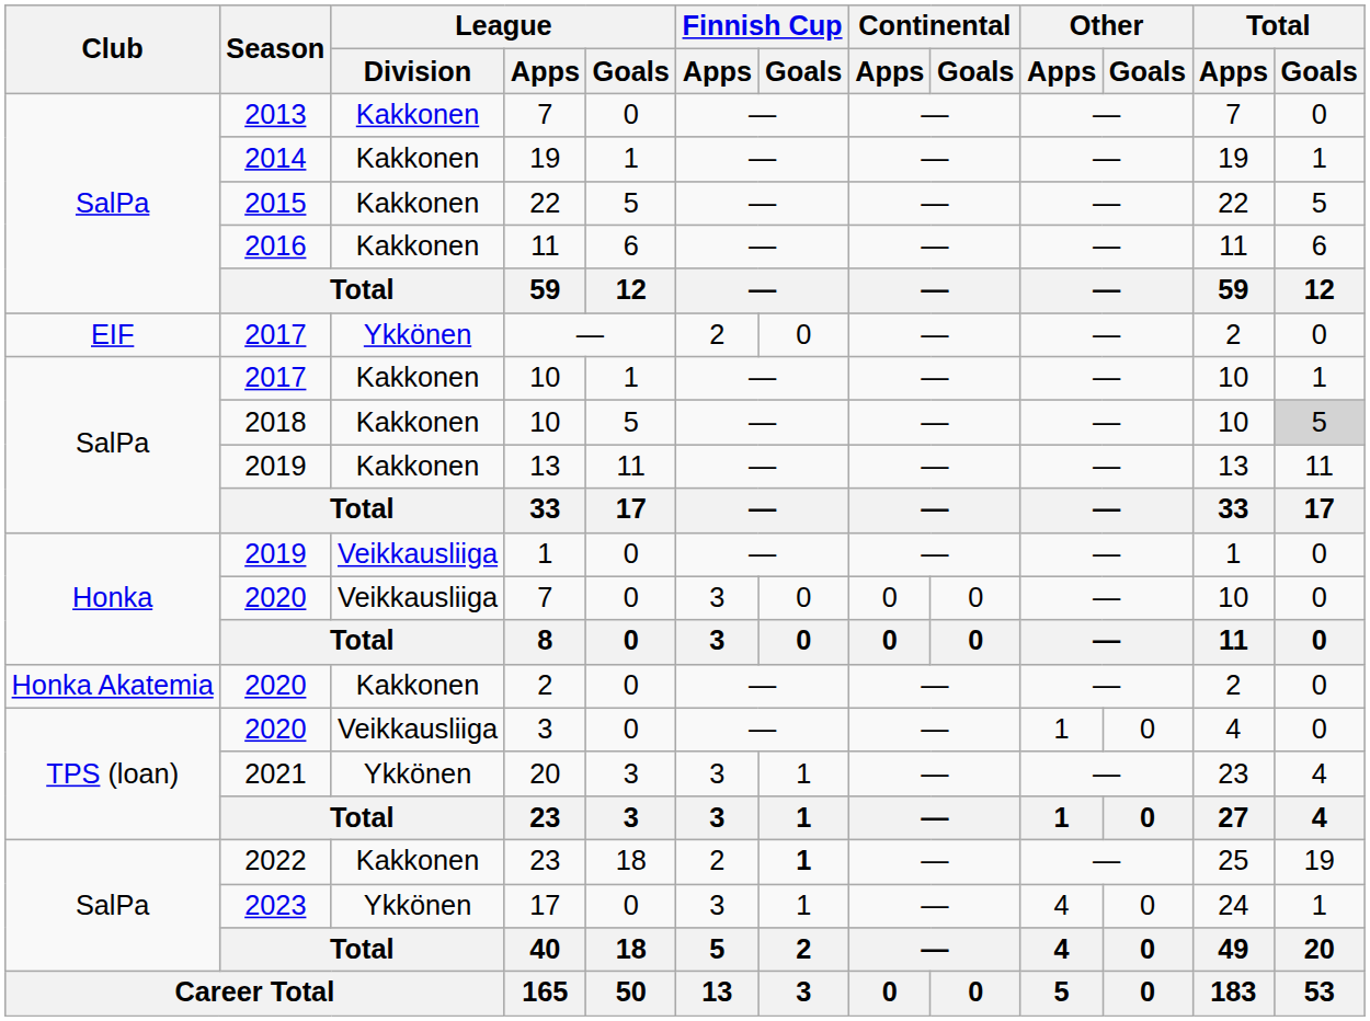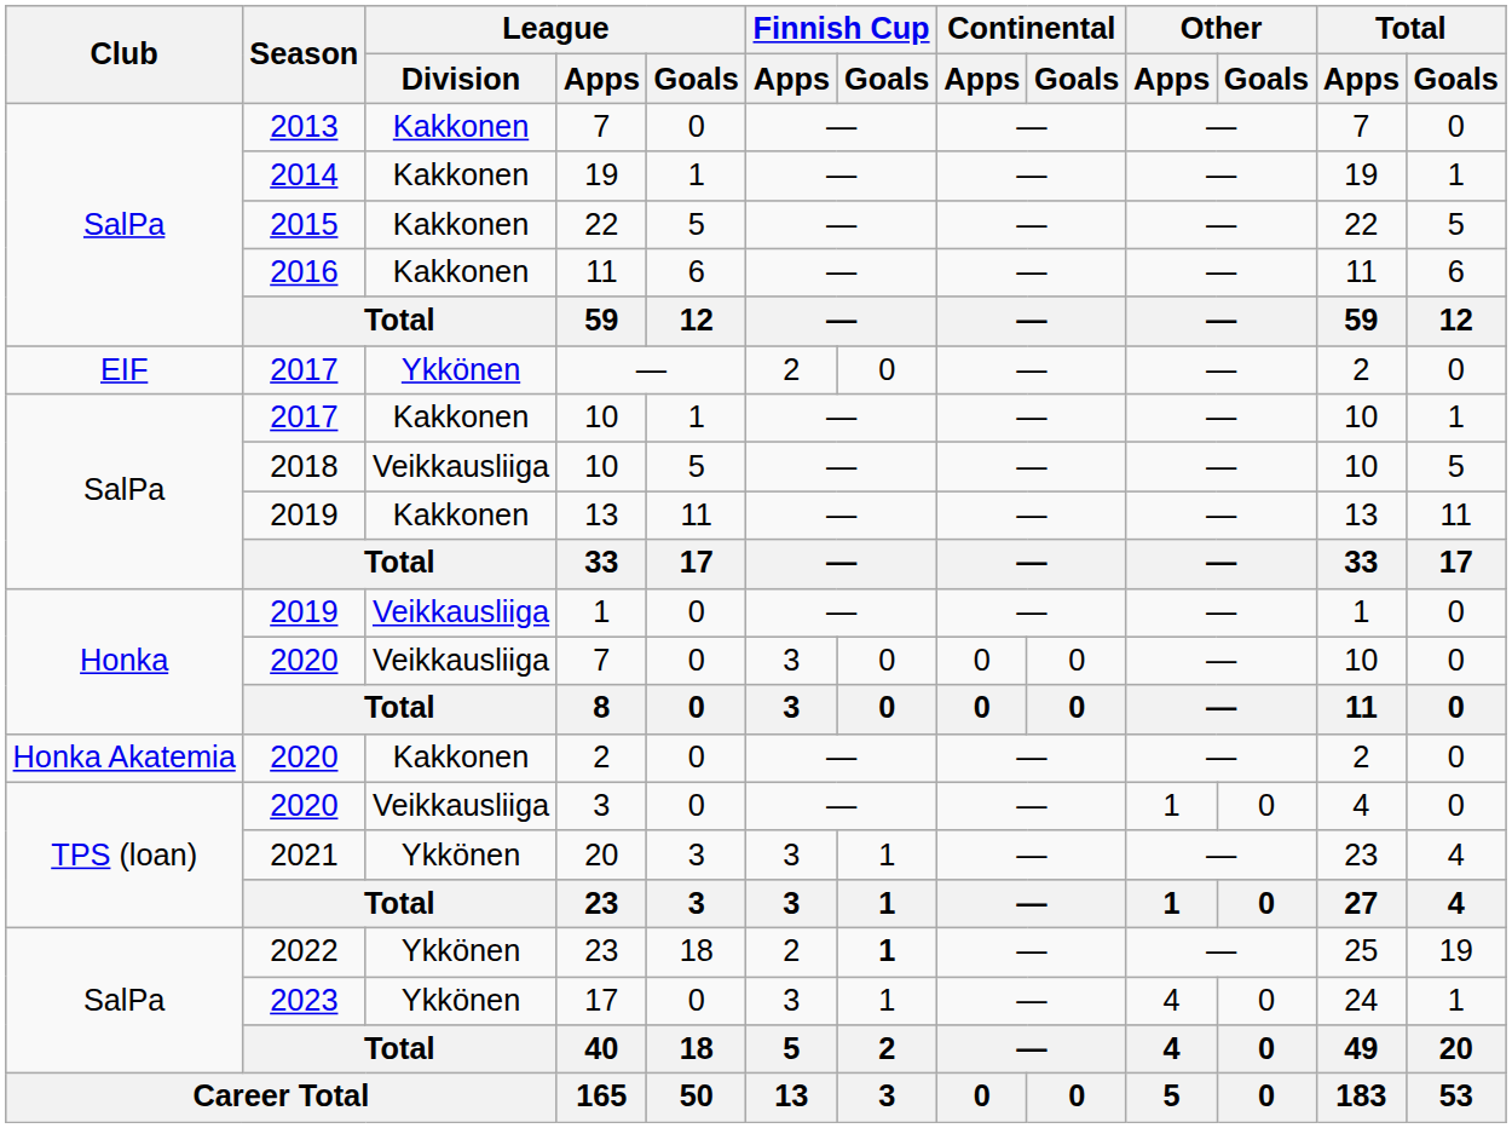 <table class="wikitable" style="text-align: center">
 <tr>
 <th rowspan="2">Club</th>
 <th rowspan="2">Season</th>
 <th colspan="3">League</th>
 <th colspan="2"><a href='#'>Finnish Cup</a></th>
 <th colspan="2">Continental</th>
 <th colspan="2">Other</th>
 <th colspan="2">Total</th>
 </tr>
 <tr>
 <th>Division</th>
 <th>Apps</th>
 <th>Goals</th>
 <th>Apps</th>
 <th>Goals</th>
 <th>Apps</th>
 <th>Goals</th>
 <th>Apps</th>
 <th>Goals</th>
 <th>Apps</th>
 <th>Goals</th>
 </tr>
 <tr>
 <td rowspan="5"><a href='#'>SalPa</a></td>
 <td><a href='#'>2013</a></td>
 <td><a href='#'>Kakkonen</a></td>
 <td>7</td>
 <td>0</td>
 <td colspan="2">—</td>
 <td colspan="2">—</td>
 <td colspan="2">—</td>
 <td>7</td>
 <td>0</td>
 </tr>
 <tr>
 <td><a href='#'>2014</a></td>
 <td>Kakkonen</td>
 <td>19</td>
 <td>1</td>
 <td colspan="2">—</td>
 <td colspan="2">—</td>
 <td colspan="2">—</td>
 <td>19</td>
 <td>1</td>
 </tr>
 <tr>
 <td><a href='#'>2015</a></td>
 <td>Kakkonen</td>
 <td>22</td>
 <td>5</td>
 <td colspan="2">—</td>
 <td colspan="2">—</td>
 <td colspan="2">—</td>
 <td>22</td>
 <td>5</td>
 </tr>
 <tr>
 <td><a href='#'>2016</a></td>
 <td>Kakkonen</td>
 <td>11</td>
 <td>6</td>
 <td colspan="2">—</td>
 <td colspan="2">—</td>
 <td colspan="2">—</td>
 <td>11</td>
 <td>6</td>
 </tr>
 <tr>
 <th colspan="2">Total</th>
 <th>59</th>
 <th>12</th>
 <th colspan="2">—</th>
 <th colspan="2">—</th>
 <th colspan="2">—</th>
 <th>59</th>
 <th>12</th>
 </tr>
 <tr>
 <td><a href='#'>EIF</a></td>
 <td><a href='#'>2017</a></td>
 <td><a href='#'>Ykkönen</a></td>
 <td colspan="2">—</td>
 <td>2</td>
 <td>0</td>
 <td colspan="2">—</td>
 <td colspan="2">—</td>
 <td>2</td>
 <td>0</td>
 </tr>
 <tr>
 <td rowspan="4">SalPa</td>
 <td><a href='#'>2017</a></td>
 <td>Kakkonen</td>
 <td>10</td>
 <td>1</td>
 <td colspan="2">—</td>
 <td colspan="2">—</td>
 <td colspan="2">—</td>
 <td>10</td>
 <td>1</td>
 </tr>
 <tr>
 <td>2018</td>
-<td>Kakkonen</td>
+<td>Veikkausliiga</td>
 <td>10</td>
 <td>5</td>
 <td colspan="2">—</td>
 <td colspan="2">—</td>
 <td colspan="2">—</td>
 <td>10</td>
-<td style="background: lightgrey;">5</td>
+<td>5</td>
 </tr>
 <tr>
 <td>2019</td>
 <td>Kakkonen</td>
 <td>13</td>
 <td>11</td>
 <td colspan="2">—</td>
 <td colspan="2">—</td>
 <td colspan="2">—</td>
 <td>13</td>
 <td>11</td>
 </tr>
 <tr>
 <th colspan="2">Total</th>
 <th>33</th>
 <th>17</th>
 <th colspan="2">—</th>
 <th colspan="2">—</th>
 <th colspan="2">—</th>
 <th>33</th>
 <th>17</th>
 </tr>
 <tr>
 <td rowspan="3"><a href='#'>Honka</a></td>
 <td><a href='#'>2019</a></td>
 <td><a href='#'>Veikkausliiga</a></td>
 <td>1</td>
 <td>0</td>
 <td colspan="2">—</td>
 <td colspan="2">—</td>
 <td colspan="2">—</td>
 <td>1</td>
 <td>0</td>
 </tr>
 <tr>
 <td><a href='#'>2020</a></td>
 <td>Veikkausliiga</td>
 <td>7</td>
 <td>0</td>
 <td>3</td>
 <td>0</td>
 <td>0</td>
 <td>0</td>
 <td colspan="2">—</td>
 <td>10</td>
 <td>0</td>
 </tr>
 <tr>
 <th colspan="2">Total</th>
 <th>8</th>
 <th>0</th>
 <th>3</th>
 <th>0</th>
 <th>0</th>
 <th>0</th>
 <th colspan="2">—</th>
 <th>11</th>
 <th>0</th>
 </tr>
 <tr>
 <td><a href='#'>Honka Akatemia</a></td>
 <td><a href='#'>2020</a></td>
 <td>Kakkonen</td>
 <td>2</td>
 <td>0</td>
 <td colspan="2">—</td>
 <td colspan="2">—</td>
 <td colspan="2">—</td>
 <td>2</td>
 <td>0</td>
 </tr>
 <tr>
 <td rowspan="3"><a href='#'>TPS</a> (loan)</td>
 <td><a href='#'>2020</a></td>
 <td>Veikkausliiga</td>
 <td>3</td>
 <td>0</td>
 <td colspan="2">—</td>
 <td colspan="2">—</td>
 <td>1</td>
 <td>0</td>
 <td>4</td>
 <td>0</td>
 </tr>
 <tr>
 <td>2021</td>
 <td>Ykkönen</td>
 <td>20</td>
 <td>3</td>
 <td>3</td>
 <td>1</td>
 <td colspan="2">—</td>
 <td colspan="2">—</td>
 <td>23</td>
 <td>4</td>
 </tr>
 <tr>
 <th colspan="2">Total</th>
 <th>23</th>
 <th>3</th>
 <th>3</th>
 <th>1</th>
 <th colspan="2">—</th>
 <th>1</th>
 <th>0</th>
 <th>27</th>
 <th>4</th>
 </tr>
 <tr>
 <td rowspan="3">SalPa</td>
 <td>2022</td>
-<td>Kakkonen</td>
+<td>Ykkönen</td>
 <td>23</td>
 <td>18</td>
 <td>2</td>
 <td><strong>1</strong></td>
 <td colspan="2">—</td>
 <td colspan="2">—</td>
 <td>25</td>
 <td>19</td>
 </tr>
 <tr>
 <td><a href='#'>2023</a></td>
 <td>Ykkönen</td>
 <td>17</td>
 <td>0</td>
 <td>3</td>
 <td>1</td>
 <td colspan="2">—</td>
 <td>4</td>
 <td>0</td>
 <td>24</td>
 <td>1</td>
 </tr>
 <tr>
 <th colspan="2">Total</th>
 <th>40</th>
 <th>18</th>
 <th>5</th>
 <th>2</th>
 <th colspan="2">—</th>
 <th>4</th>
 <th>0</th>
 <th>49</th>
 <th>20</th>
 </tr>
 <tr>
 <th colspan="3">Career Total</th>
 <th>165</th>
 <th>50</th>
 <th>13</th>
 <th>3</th>
 <th>0</th>
 <th>0</th>
 <th>5</th>
 <th>0</th>
 <th>183</th>
 <th>53</th>
 </tr>
 </table>
